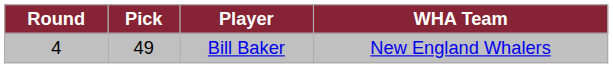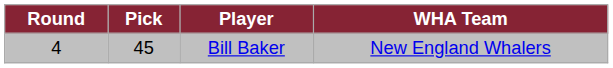 <table class="wikitable" width="60%">
 <tr>
 <th style="color:white; background:#862334; ">Round</th>
 <th style="color:white; background:#862334; ">Pick</th>
 <th style="color:white; background:#862334; ">Player</th>
 <th style="color:white; background:#862334; ">WHA Team</th>
 </tr>
 <tr align="center" bgcolor="C0C0C0">
 <td>4</td>
-<td>49</td>
+<td>45</td>
 <td><a href='#'>Bill Baker</a></td>
 <td><a href='#'>New England Whalers</a></td>
 </tr>
 <tr align="center" bgcolor="">
 </tr>
 </table>
